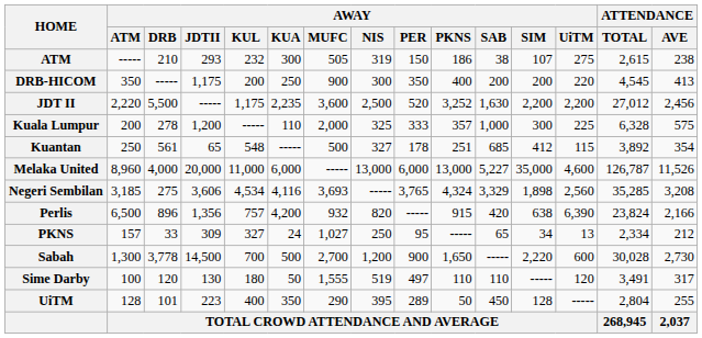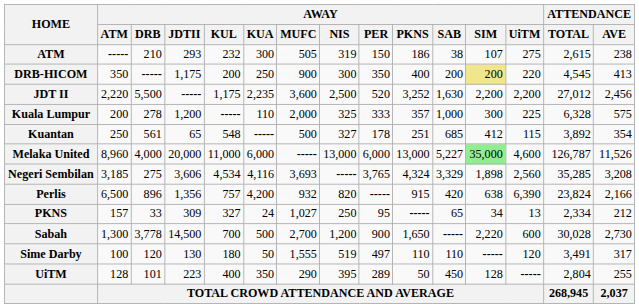 <table class="wikitable" style="text-align:right; font-size:90%; width:85%;">
 <tr>
 <th rowspan="2">HOME</th>
 <th colspan="12">AWAY</th>
 <th colspan="2">ATTENDANCE</th>
 </tr>
 <tr>
 <th>ATM</th>
 <th>DRB</th>
 <th>JDTII</th>
 <th>KUL</th>
 <th>KUA</th>
 <th>MUFC</th>
 <th>NIS</th>
 <th>PER</th>
 <th>PKNS</th>
 <th>SAB</th>
 <th>SIM</th>
 <th>UiTM</th>
 <th>TOTAL</th>
 <th>AVE</th>
 </tr>
 <tr>
 <th>ATM</th>
 <td><strong>-----</strong></td>
 <td>210</td>
 <td>293</td>
 <td>232</td>
 <td>300</td>
 <td>505</td>
 <td>319</td>
 <td>150</td>
 <td>186</td>
 <td>38</td>
 <td>107</td>
 <td>275</td>
 <td>2,615</td>
 <td>238</td>
 </tr>
 <tr>
 <th>DRB-HICOM</th>
 <td>350</td>
 <td><strong>-----</strong></td>
 <td>1,175</td>
 <td>200</td>
 <td>250</td>
 <td>900</td>
 <td>300</td>
 <td>350</td>
 <td>400</td>
 <td>200</td>
-<td>200</td>
+<td style="background: khaki;">200</td>
 <td>220</td>
 <td>4,545</td>
 <td>413</td>
 </tr>
 <tr>
 <th>JDT II</th>
 <td>2,220</td>
 <td>5,500</td>
 <td><strong>-----</strong></td>
 <td>1,175</td>
 <td>2,235</td>
 <td>3,600</td>
 <td>2,500</td>
 <td>520</td>
 <td>3,252</td>
 <td>1,630</td>
 <td>2,200</td>
 <td>2,200</td>
 <td>27,012</td>
 <td>2,456</td>
 </tr>
 <tr>
 <th>Kuala Lumpur</th>
 <td>200</td>
 <td>278</td>
 <td>1,200</td>
 <td><strong>-----</strong></td>
 <td>110</td>
 <td>2,000</td>
 <td>325</td>
 <td>333</td>
 <td>357</td>
 <td>1,000</td>
 <td>300</td>
 <td>225</td>
 <td>6,328</td>
 <td>575</td>
 </tr>
 <tr>
 <th>Kuantan</th>
 <td>250</td>
 <td>561</td>
 <td>65</td>
 <td>548</td>
 <td><strong>-----</strong></td>
 <td>500</td>
 <td>327</td>
 <td>178</td>
 <td>251</td>
 <td>685</td>
 <td>412</td>
 <td>115</td>
 <td>3,892</td>
 <td>354</td>
 </tr>
 <tr>
 <th>Melaka United</th>
 <td>8,960</td>
 <td>4,000</td>
 <td>20,000</td>
 <td>11,000</td>
 <td>6,000</td>
 <td><strong>-----</strong></td>
 <td>13,000</td>
 <td>6,000</td>
 <td>13,000</td>
 <td>5,227</td>
-<td>35,000</td>
+<td style="background: lightgreen;">35,000</td>
 <td>4,600</td>
 <td>126,787</td>
 <td>11,526</td>
 </tr>
 <tr>
 <th>Negeri Sembilan</th>
 <td>3,185</td>
 <td>275</td>
 <td>3,606</td>
 <td>4,534</td>
 <td>4,116</td>
 <td>3,693</td>
 <td><strong>-----</strong></td>
 <td>3,765</td>
 <td>4,324</td>
 <td>3,329</td>
 <td>1,898</td>
 <td>2,560</td>
 <td>35,285</td>
 <td>3,208</td>
 </tr>
 <tr>
 <th>Perlis</th>
 <td>6,500</td>
 <td>896</td>
 <td>1,356</td>
 <td>757</td>
 <td>4,200</td>
 <td>932</td>
 <td>820</td>
 <td><strong>-----</strong></td>
 <td>915</td>
 <td>420</td>
 <td>638</td>
 <td>6,390</td>
 <td>23,824</td>
 <td>2,166</td>
 </tr>
 <tr>
 <th>PKNS</th>
 <td>157</td>
 <td>33</td>
 <td>309</td>
 <td>327</td>
 <td>24</td>
 <td>1,027</td>
 <td>250</td>
 <td>95</td>
 <td><strong>-----</strong></td>
 <td>65</td>
 <td>34</td>
 <td>13</td>
 <td>2,334</td>
 <td>212</td>
 </tr>
 <tr>
 <th>Sabah</th>
 <td>1,300</td>
 <td>3,778</td>
 <td>14,500</td>
 <td>700</td>
 <td>500</td>
 <td>2,700</td>
 <td>1,200</td>
 <td>900</td>
 <td>1,650</td>
 <td><strong>-----</strong></td>
 <td>2,220</td>
 <td>600</td>
 <td>30,028</td>
 <td>2,730</td>
 </tr>
 <tr>
 <th>Sime Darby</th>
 <td>100</td>
 <td>120</td>
 <td>130</td>
 <td>180</td>
 <td>50</td>
 <td>1,555</td>
 <td>519</td>
 <td>497</td>
 <td>110</td>
 <td>110</td>
 <td><strong>-----</strong></td>
 <td>120</td>
 <td>3,491</td>
 <td>317</td>
 </tr>
 <tr>
 <th>UiTM</th>
 <td>128</td>
 <td>101</td>
 <td>223</td>
 <td>400</td>
 <td>350</td>
 <td>290</td>
 <td>395</td>
 <td>289</td>
 <td>50</td>
 <td>450</td>
 <td>128</td>
 <td><strong>-----</strong></td>
 <td>2,804</td>
 <td>255</td>
 </tr>
 <tr>
 <th></th>
 <th colspan="12">TOTAL CROWD ATTENDANCE AND AVERAGE</th>
 <th>268,945</th>
 <th>2,037</th>
 </tr>
 </table>
